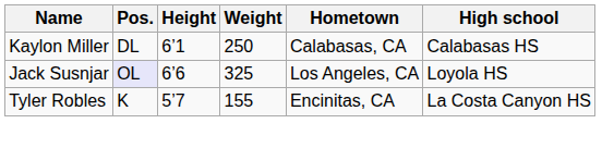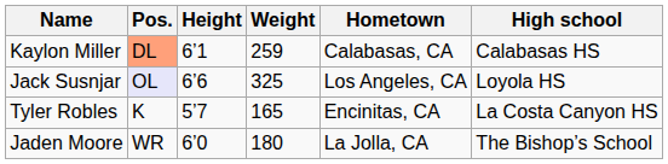 <table class="wikitable sortable">
 <tr>
 <th style="text-align:center; ">Name</th>
 <th style="text-align:center; ">Pos.</th>
 <th style="text-align:center; ">Height</th>
 <th style="text-align:center; ">Weight</th>
 <th style="text-align:center; ">Hometown</th>
 <th style="text-align:center; ">High school</th>
 </tr>
 <tr>
 </tr>
 <tr>
 <td>Kaylon Miller</td>
-<td>DL</td>
+<td style="background: lightsalmon;">DL</td>
 <td>6’1</td>
-<td>250</td>
+<td>259</td>
 <td>Calabasas, CA</td>
 <td>Calabasas HS</td>
 </tr>
 <tr>
 <td>Jack Susnjar</td>
 <td style="background: lavender;">OL</td>
 <td>6’6</td>
 <td>325</td>
 <td>Los Angeles, CA</td>
 <td>Loyola HS</td>
 </tr>
 <tr>
 <td>Tyler Robles</td>
 <td>K</td>
 <td>5’7</td>
-<td>155</td>
+<td>165</td>
 <td>Encinitas, CA</td>
 <td>La Costa Canyon HS</td>
 </tr>
 <tr>
+<td>Jaden Moore</td>
+<td>WR</td>
+<td>6’0</td>
+<td>180</td>
+<td>La Jolla, CA</td>
+<td>The Bishop’s School</td>
+</tr>
+<tr>
 </tr>
 </table>
